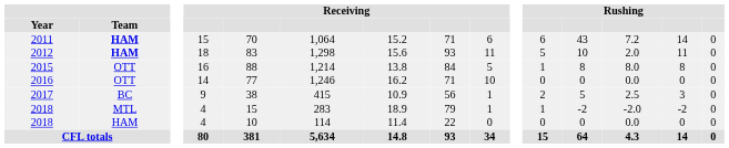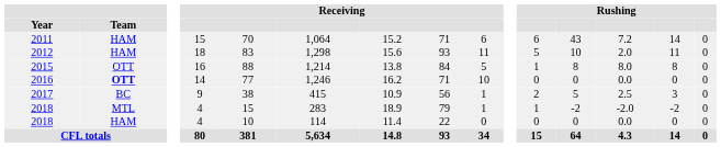 <table BORDER="0" CELLPADDING="1" CELLSPACING="0" width="65%" style="text-align:center">
 <tr bgcolor="#e0e0e0">
 <th colspan="2"></th>
 <th rowspan="100" bgcolor="#ffffff"> </th>
 <th colspan="6">Receiving</th>
 <th rowspan="100" bgcolor="#ffffff"> </th>
 <th colspan="5">Rushing</th>
 </tr>
 <tr bgcolor="#e0e0e0">
 <th>Year</th>
 <th>Team</th>
 <th></th>
 <th></th>
 <th></th>
 <th></th>
 <th></th>
 <th></th>
 <th></th>
 <th></th>
 <th></th>
 <th></th>
 <th></th>
 </tr>
 <tr ALIGN="center" bgcolor="#f0f0f0">
 <td><a href='#'>2011</a></td>
-<td><strong><a href='#'>HAM</a></strong></td>
+<td><a href='#'>HAM</a></td>
 <td>15</td>
 <td>70</td>
 <td>1,064</td>
 <td>15.2</td>
 <td>71</td>
 <td>6</td>
 <td>6</td>
 <td>43</td>
 <td>7.2</td>
 <td>14</td>
 <td>0</td>
 </tr>
 <tr ALIGN="center" bgcolor="#f0f0f0">
 <td><a href='#'>2012</a></td>
-<td><strong><a href='#'>HAM</a></strong></td>
+<td><a href='#'>HAM</a></td>
 <td>18</td>
 <td>83</td>
 <td>1,298</td>
 <td>15.6</td>
 <td>93</td>
 <td>11</td>
 <td>5</td>
 <td>10</td>
 <td>2.0</td>
 <td>11</td>
 <td>0</td>
 </tr>
 <tr ALIGN="center" bgcolor="#f0f0f0">
 <td><a href='#'>2015</a></td>
 <td><a href='#'>OTT</a></td>
 <td>16</td>
 <td>88</td>
 <td>1,214</td>
 <td>13.8</td>
 <td>84</td>
 <td>5</td>
 <td>1</td>
 <td>8</td>
 <td>8.0</td>
 <td>8</td>
 <td>0</td>
 </tr>
 <tr ALIGN="center" bgcolor="#f0f0f0">
 <td><a href='#'>2016</a></td>
-<td><a href='#'>OTT</a></td>
+<td><strong><a href='#'>OTT</a></strong></td>
 <td>14</td>
 <td>77</td>
 <td>1,246</td>
 <td>16.2</td>
 <td>71</td>
 <td>10</td>
 <td>0</td>
 <td>0</td>
 <td>0.0</td>
 <td>0</td>
 <td>0</td>
 </tr>
 <tr ALIGN="center" bgcolor="#f0f0f0">
 <td><a href='#'>2017</a></td>
 <td><a href='#'>BC</a></td>
 <td>9</td>
 <td>38</td>
 <td>415</td>
 <td>10.9</td>
 <td>56</td>
 <td>1</td>
 <td>2</td>
 <td>5</td>
 <td>2.5</td>
 <td>3</td>
 <td>0</td>
 </tr>
 <tr ALIGN="center" bgcolor="#f0f0f0">
 <td><a href='#'>2018</a></td>
 <td><a href='#'>MTL</a></td>
 <td>4</td>
 <td>15</td>
 <td>283</td>
 <td>18.9</td>
 <td>79</td>
 <td>1</td>
 <td>1</td>
 <td>-2</td>
 <td>-2.0</td>
 <td>-2</td>
 <td>0</td>
 </tr>
 <tr ALIGN="center" bgcolor="#f0f0f0">
 <td><a href='#'>2018</a></td>
 <td><a href='#'>HAM</a></td>
 <td>4</td>
 <td>10</td>
 <td>114</td>
 <td>11.4</td>
 <td>22</td>
 <td>0</td>
 <td>0</td>
 <td>0</td>
 <td>0.0</td>
 <td>0</td>
 <td>0</td>
 </tr>
 <tr bgcolor="#e0e0e0">
 <th colspan="2"><a href='#'>CFL totals</a></th>
 <th>80</th>
 <th>381</th>
 <th>5,634</th>
 <th>14.8</th>
 <th>93</th>
 <th>34</th>
 <th>15</th>
 <th>64</th>
 <th>4.3</th>
 <th>14</th>
 <th>0</th>
 </tr>
 </table>
